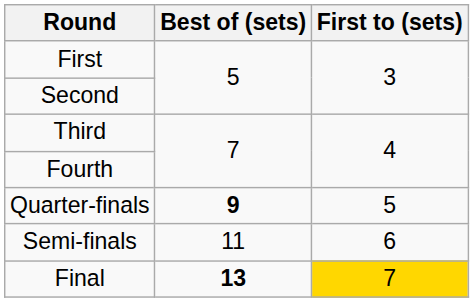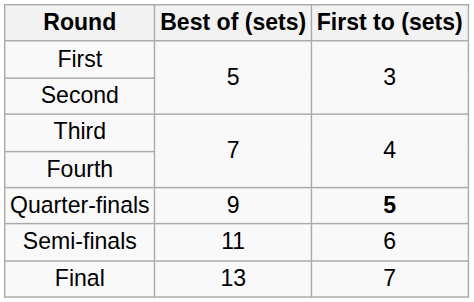 <table class="wikitable" style="text-align:center">
 <tr>
 <th>Round</th>
 <th>Best of (sets)</th>
 <th>First to (sets)</th>
 </tr>
 <tr>
 <td>First</td>
 <td rowspan="2">5</td>
 <td rowspan="2">3</td>
 </tr>
 <tr>
 <td>Second</td>
 </tr>
 <tr>
 <td>Third</td>
 <td rowspan="2">7</td>
 <td rowspan="2">4</td>
 </tr>
 <tr>
 <td>Fourth</td>
 </tr>
 <tr>
 <td>Quarter-finals</td>
-<td><strong>9</strong></td>
-<td>5</td>
+<td>9</td>
+<td><strong>5</strong></td>
 </tr>
 <tr>
 <td>Semi-finals</td>
 <td>11</td>
 <td>6</td>
 </tr>
 <tr>
 <td>Final</td>
-<td><strong>13</strong></td>
-<td style="background: gold;">7</td>
+<td>13</td>
+<td>7</td>
 </tr>
 </table>
